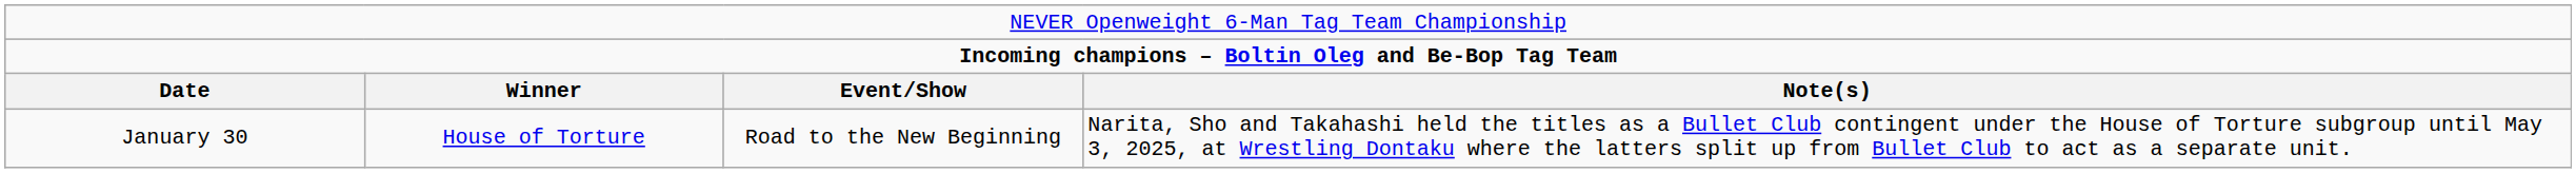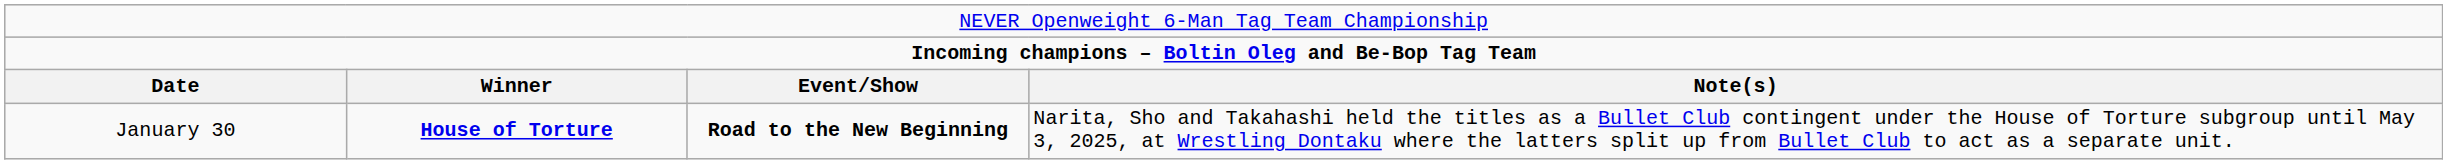 <table class="wikitable" style="text-align:center; width:100%;">
 <tr>
 <td colspan="4" style="text-align: center;"><a href='#'>NEVER Openweight 6-Man Tag Team Championship</a></td>
 </tr>
 <tr>
 <td colspan="4" style="text-align: center;"><strong>Incoming champions – <a href='#'>Boltin Oleg</a> and Be-Bop Tag Team </strong></td>
 </tr>
 <tr>
 <th width=14%>Date</th>
 <th width=14%>Winner</th>
 <th width=14%>Event/Show</th>
 <th width=58%>Note(s)</th>
 </tr>
 <tr>
 <td>January 30</td>
-<td><a href='#'>House of Torture</a><br></td>
-<td>Road to the New Beginning<br></td>
+<td><strong><a href='#'>House of Torture</a><br></strong></td>
+<td><strong>Road to the New Beginning<br></strong></td>
 <td align=left>Narita, Sho and Takahashi held the titles as a <a href='#'>Bullet Club</a> contingent under the House of Torture subgroup until May 3, 2025, at <a href='#'>Wrestling Dontaku</a> where the latters split up from <a href='#'>Bullet Club</a> to act as a separate unit.</td>
 </tr>
 </table>
